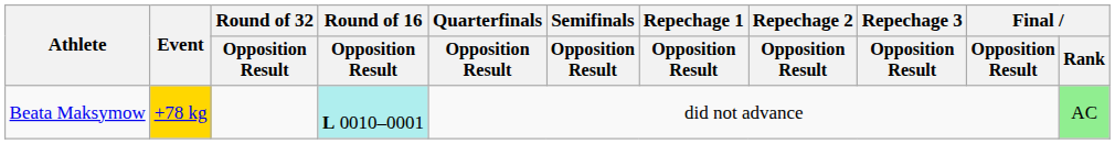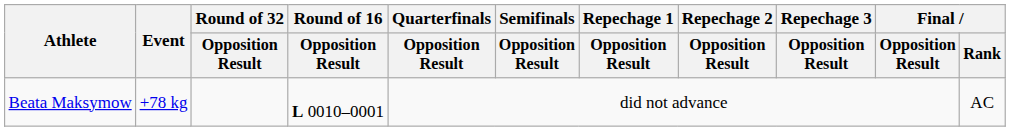 <table class="wikitable" style="font-size:90%">
 <tr>
 <th rowspan="2">Athlete</th>
 <th rowspan="2">Event</th>
 <th>Round of 32</th>
 <th>Round of 16</th>
 <th>Quarterfinals</th>
 <th>Semifinals</th>
 <th>Repechage 1</th>
 <th>Repechage 2</th>
 <th>Repechage 3</th>
 <th colspan=2>Final / </th>
 </tr>
 <tr style="font-size:95%">
 <th>Opposition<br>Result</th>
 <th>Opposition<br>Result</th>
 <th>Opposition<br>Result</th>
 <th>Opposition<br>Result</th>
 <th>Opposition<br>Result</th>
 <th>Opposition<br>Result</th>
 <th>Opposition<br>Result</th>
 <th>Opposition<br>Result</th>
 <th>Rank</th>
 </tr>
 <tr align=center>
 <td align=left><a href='#'>Beata Maksymow</a></td>
-<td align=left style="background: gold;"><a href='#'>+78 kg</a></td>
+<td align=left><a href='#'>+78 kg</a></td>
 <td></td>
-<td style="background: paleturquoise;"><br><strong>L</strong> 0010–0001</td>
+<td><br><strong>L</strong> 0010–0001</td>
 <td colspan=6>did not advance</td>
-<td style="background: lightgreen;">AC</td>
+<td>AC</td>
 </tr>
 </table>
